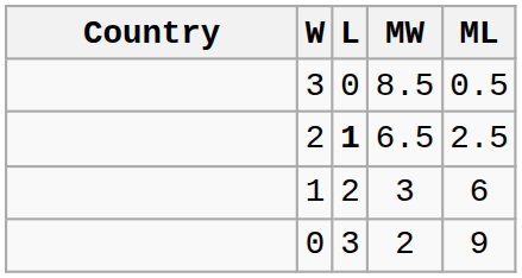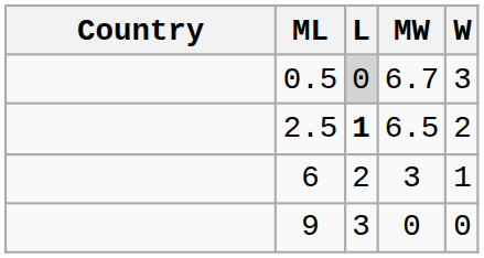 <table class="wikitable sortable" style="text-align:center">
 <tr>
 <th width=110>Country</th>
-<th>W</th>
+<th>ML</th>
 <th>L</th>
 <th>MW</th>
-<th>ML</th>
+<th>W</th>
 </tr>
 <tr>
 <td align=left><strong></strong></td>
+<td>0.5</td>
+<td style="background: lightgrey;">0</td>
+<td>6.7</td>
 <td>3</td>
-<td>0</td>
-<td>8.5</td>
-<td>0.5</td>
 </tr>
 <tr>
 <td align=left></td>
-<td>2</td>
+<td>2.5</td>
 <td><strong>1</strong></td>
 <td>6.5</td>
-<td>2.5</td>
+<td>2</td>
 </tr>
 <tr>
 <td align=left></td>
-<td>1</td>
+<td>6</td>
 <td>2</td>
 <td>3</td>
-<td>6</td>
+<td>1</td>
 </tr>
 <tr>
 <td align=left></td>
+<td>9</td>
+<td>3</td>
 <td>0</td>
-<td>3</td>
-<td>2</td>
-<td>9</td>
+<td>0</td>
 </tr>
 </table>
